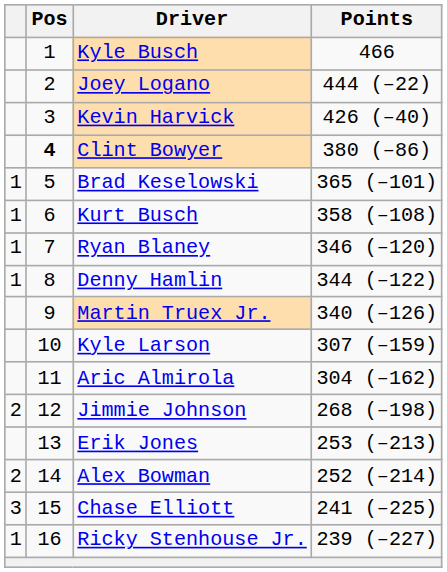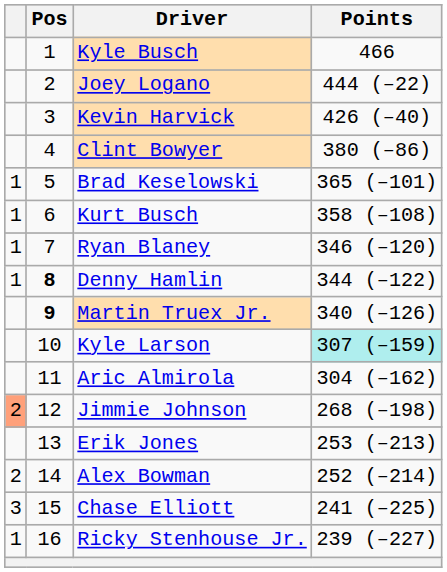 <table class="wikitable" style="font-size: 95%">
 <tr>
 <th></th>
 <th>Pos</th>
 <th>Driver</th>
 <th>Points</th>
 </tr>
 <tr>
 <td align="left"></td>
 <td style="text-align:center;">1</td>
 <td style="background:#FFDEAD;"><a href='#'>Kyle Busch</a></td>
 <td style="text-align:center;">466</td>
 </tr>
 <tr>
 <td align="left"></td>
 <td style="text-align:center;">2</td>
 <td style="background:#FFDEAD;"><a href='#'>Joey Logano</a></td>
 <td style="text-align:center;">444 (–22)</td>
 </tr>
 <tr>
 <td align="left"></td>
 <td style="text-align:center;">3</td>
 <td style="background:#FFDEAD;"><a href='#'>Kevin Harvick</a></td>
 <td style="text-align:center;">426 (–40)</td>
 </tr>
 <tr>
 <td align="left"></td>
-<td style="text-align:center;"><strong>4</strong></td>
+<td style="text-align:center;">4</td>
 <td style="background:#FFDEAD;"><a href='#'>Clint Bowyer</a></td>
 <td style="text-align:center;">380 (–86)</td>
 </tr>
 <tr>
 <td align="left"> 1</td>
 <td style="text-align:center;">5</td>
 <td><a href='#'>Brad Keselowski</a></td>
 <td style="text-align:center;">365 (–101)</td>
 </tr>
 <tr>
 <td align="left"> 1</td>
 <td style="text-align:center;">6</td>
 <td><a href='#'>Kurt Busch</a></td>
 <td style="text-align:center;">358 (–108)</td>
 </tr>
 <tr>
 <td align="left"> 1</td>
 <td style="text-align:center;">7</td>
 <td><a href='#'>Ryan Blaney</a></td>
 <td style="text-align:center;">346 (–120)</td>
 </tr>
 <tr>
 <td align="left"> 1</td>
-<td style="text-align:center;">8</td>
+<td style="text-align:center;"><strong>8</strong></td>
 <td><a href='#'>Denny Hamlin</a></td>
 <td style="text-align:center;">344 (–122)</td>
 </tr>
 <tr>
 <td align="left"></td>
-<td style="text-align:center;">9</td>
+<td style="text-align:center;"><strong>9</strong></td>
 <td style="background:#FFDEAD;"><a href='#'>Martin Truex Jr.</a></td>
 <td style="text-align:center;">340 (–126)</td>
 </tr>
 <tr>
 <td align="left"></td>
 <td style="text-align:center;">10</td>
 <td><a href='#'>Kyle Larson</a></td>
-<td style="text-align:center;">307 (–159)</td>
+<td style="background: paleturquoise; text-align:center;">307 (–159)</td>
 </tr>
 <tr>
 <td align="left"></td>
 <td style="text-align:center;">11</td>
 <td><a href='#'>Aric Almirola</a></td>
 <td style="text-align:center;">304 (–162)</td>
 </tr>
 <tr>
-<td align="left"> 2</td>
+<td align="left" style="background: lightsalmon;"> 2</td>
 <td style="text-align:center;">12</td>
 <td><a href='#'>Jimmie Johnson</a></td>
 <td style="text-align:center;">268 (–198)</td>
 </tr>
 <tr>
 <td align="left"></td>
 <td style="text-align:center;">13</td>
 <td><a href='#'>Erik Jones</a></td>
 <td style="text-align:center;">253 (–213)</td>
 </tr>
 <tr>
 <td align="left"> 2</td>
 <td style="text-align:center;">14</td>
 <td><a href='#'>Alex Bowman</a></td>
 <td style="text-align:center;">252 (–214)</td>
 </tr>
 <tr>
 <td align="left"> 3</td>
 <td style="text-align:center;">15</td>
 <td><a href='#'>Chase Elliott</a></td>
 <td style="text-align:center;">241 (–225)</td>
 </tr>
 <tr>
 <td align="left"> 1</td>
 <td style="text-align:center;">16</td>
 <td><a href='#'>Ricky Stenhouse Jr.</a></td>
 <td style="text-align:center;">239 (–227)</td>
 </tr>
 <tr class="sortbottom">
 <th colspan="9"></th>
 </tr>
 </table>
